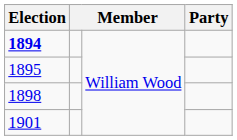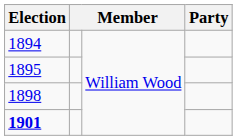 <table class="wikitable" style='border-style: none none none none;'>
 <tr>
 <th>Election</th>
 <th colspan="2">Member</th>
 <th>Party</th>
 </tr>
 <tr style="background: #f9f9f9">
-<td><strong><a href='#'>1894</a></strong></td>
+<td><a href='#'>1894</a></td>
 <td> </td>
 <td rowspan="4"><a href='#'>William Wood</a></td>
 <td></td>
 </tr>
 <tr style="background: #f9f9f9">
 <td><a href='#'>1895</a></td>
 <td> </td>
 <td></td>
 </tr>
 <tr style="background: #f9f9f9">
 <td><a href='#'>1898</a></td>
 <td> </td>
 <td></td>
 </tr>
 <tr style="background: #f9f9f9">
-<td><a href='#'>1901</a></td>
+<td><strong><a href='#'>1901</a></strong></td>
 <td> </td>
 <td></td>
 </tr>
 </table>
